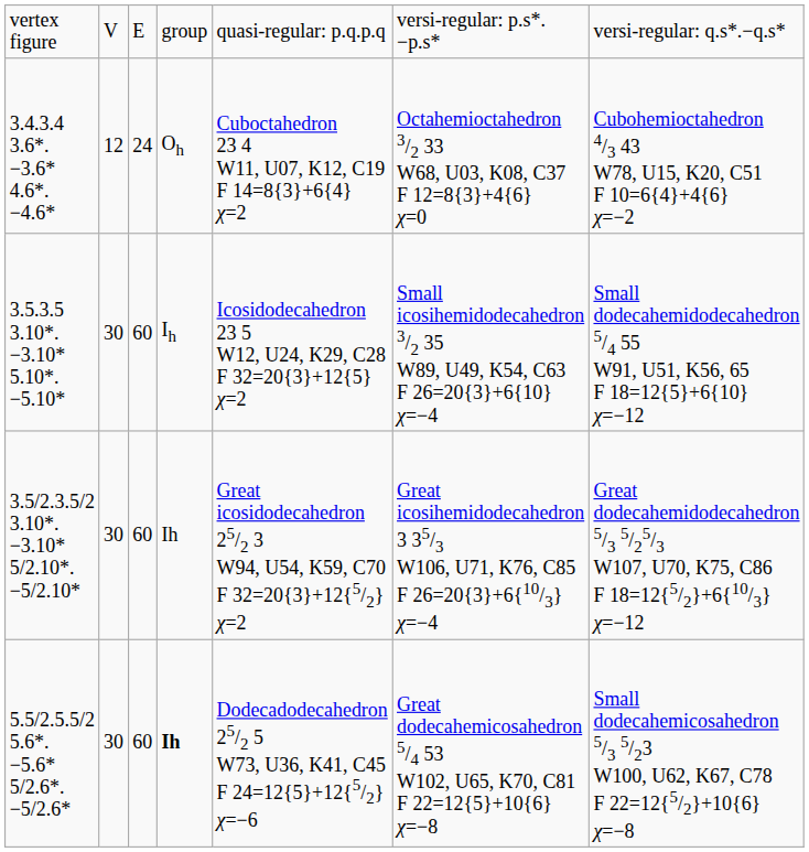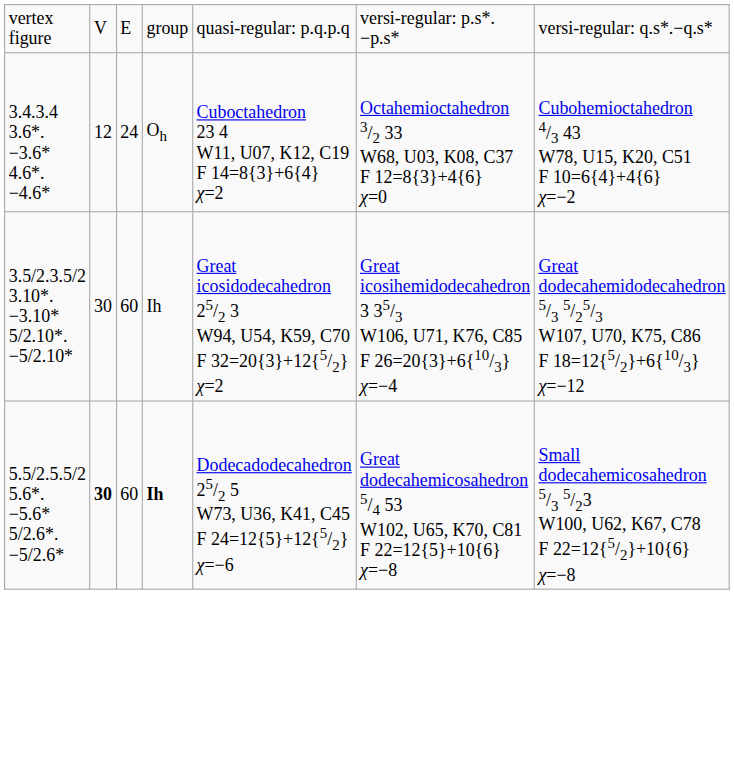 <table class="wikitable">
 <tr>
 <td>vertex figure</td>
 <td>V</td>
 <td>E</td>
 <td>group</td>
 <td>quasi-regular: p.q.p.q</td>
 <td>versi-regular: p.s*.−p.s*</td>
 <td>versi-regular: q.s*.−q.s*</td>
 </tr>
 <tr>
 <td><br><br>3.4.3.4<br> 3.6*.−3.6*<br> 4.6*.−4.6*</td>
 <td>12</td>
 <td>24</td>
 <td>O<sub>h</sub></td>
 <td><br><br> <a href='#'>Cuboctahedron</a><br> 23 4<br> W11, U07, K12, C19<br> F 14=8{3}+6{4} <br><em>χ</em>=2</td>
 <td><br><br> <a href='#'>Octahemioctahedron</a><br> <sup>3</sup>/<sub>2</sub> 33<br> W68, U03, K08, C37<br> F 12=8{3}+4{6} <br><em>χ</em>=0</td>
 <td><br><br> <a href='#'>Cubohemioctahedron</a><br> <sup>4</sup>/<sub>3</sub> 43<br> W78, U15, K20, C51<br> F 10=6{4}+4{6} <br><em>χ</em>=−2</td>
 </tr>
 <tr>
-<td><br><br>3.5.3.5<br> 3.10*.−3.10*<br> 5.10*.−5.10*</td>
-<td>30</td>
-<td>60</td>
-<td>I<sub>h</sub></td>
-<td><br><br> <a href='#'>Icosidodecahedron</a><br> 23 5<br> W12, U24, K29, C28<br> F 32=20{3}+12{5} <br><em>χ</em>=2</td>
-<td><br><br> <a href='#'>Small icosihemidodecahedron</a><br> <sup>3</sup>/<sub>2</sub> 35<br> W89, U49, K54, C63<br> F 26=20{3}+6{10} <br><em>χ</em>=−4</td>
-<td><br><br> <a href='#'>Small dodecahemidodecahedron</a><br> <sup>5</sup>/<sub>4</sub> 55<br> W91, U51, K56, 65<br> F 18=12{5}+6{10} <br><em>χ</em>=−12</td>
-</tr>
-<tr>
 <td><br>3.5/2.3.5/2<br> 3.10*.−3.10*<br> 5/2.10*.−5/2.10*<br></td>
 <td>30</td>
 <td>60</td>
 <td>Ih</td>
 <td><br><br> <a href='#'>Great icosidodecahedron</a><br> 2<sup>5</sup>/<sub>2</sub> 3<br> W94, U54, K59, C70<br> F 32=20{3}+12{<sup>5</sup>/<sub>2</sub>} <br><em>χ</em>=2</td>
 <td><br><br> <a href='#'>Great icosihemidodecahedron</a><br> 3 3<sup>5</sup>/<sub>3</sub><br> W106, U71, K76, C85<br> F 26=20{3}+6{<sup>10</sup>/<sub>3</sub>} <br><em>χ</em>=−4</td>
 <td><br><br> <a href='#'>Great dodecahemidodecahedron</a><br> <sup>5</sup>/<sub>3</sub> <sup>5</sup>/<sub>2</sub><sup>5</sup>/<sub>3</sub><br> W107, U70, K75, C86<br> F 18=12{<sup>5</sup>/<sub>2</sub>}+6{<sup>10</sup>/<sub>3</sub>} <br><em>χ</em>=−12</td>
 </tr>
 <tr>
 <td><br><br>5.5/2.5.5/2<br> 5.6*.−5.6*<br> 5/2.6*.−5/2.6*</td>
-<td>30</td>
+<td><strong>30</strong></td>
 <td>60</td>
 <td><strong>Ih</strong></td>
 <td><br><br> <a href='#'>Dodecadodecahedron</a><br> 2<sup>5</sup>/<sub>2</sub> 5<br> W73, U36, K41, C45<br> F 24=12{5}+12{<sup>5</sup>/<sub>2</sub>} <br><em>χ</em>=−6</td>
 <td><br><br> <a href='#'>Great dodecahemicosahedron</a><br> <sup>5</sup>/<sub>4</sub> 53<br> W102, U65, K70, C81<br> F 22=12{5}+10{6} <br><em>χ</em>=−8</td>
 <td><br><br> <a href='#'>Small dodecahemicosahedron</a><br> <sup>5</sup>/<sub>3</sub> <sup>5</sup>/<sub>2</sub>3<br> W100, U62, K67, C78<br> F 22=12{<sup>5</sup>/<sub>2</sub>}+10{6} <br><em>χ</em>=−8</td>
 </tr>
 </table>
